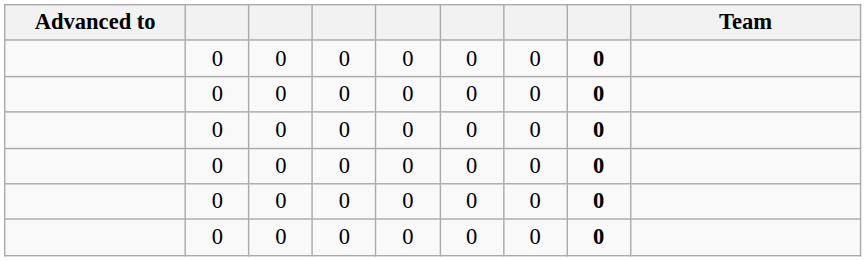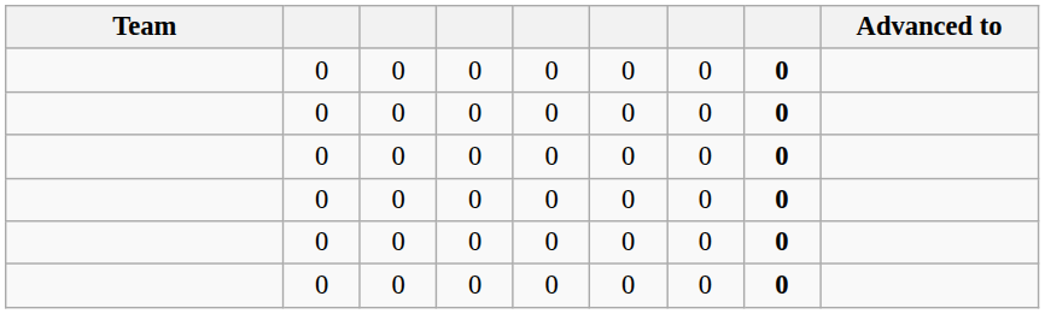 <table class="wikitable" style="text-align:center;">
 <tr>
-<th width=125>Advanced to</th>
+<th width=165>Team</th>
 <th width=40></th>
 <th width=40></th>
 <th width=40></th>
 <th width=40></th>
 <th width=40></th>
 <th width=40></th>
 <th width=40></th>
-<th width=165>Team</th>
+<th width=125>Advanced to</th>
 </tr>
 <tr style="background:#">
-<td></td>
+<td style="text-align:left;"></td>
 <td>0</td>
 <td>0</td>
 <td>0</td>
 <td>0</td>
 <td>0</td>
 <td>0</td>
 <td><strong>0</strong></td>
-<td style="text-align:left;"></td>
+<td></td>
 </tr>
 <tr style="background:#">
-<td></td>
+<td style="text-align:left;"></td>
 <td>0</td>
 <td>0</td>
 <td>0</td>
 <td>0</td>
 <td>0</td>
 <td>0</td>
 <td><strong>0</strong></td>
-<td style="text-align:left;"></td>
+<td></td>
 </tr>
 <tr style="background:#">
-<td></td>
+<td style="text-align:left;"></td>
 <td>0</td>
 <td>0</td>
 <td>0</td>
 <td>0</td>
 <td>0</td>
 <td>0</td>
 <td><strong>0</strong></td>
-<td style="text-align:left;"></td>
+<td></td>
 </tr>
 <tr style="background:#">
-<td></td>
+<td style="text-align:left;"></td>
 <td>0</td>
 <td>0</td>
 <td>0</td>
 <td>0</td>
 <td>0</td>
 <td>0</td>
 <td><strong>0</strong></td>
-<td style="text-align:left;"></td>
+<td></td>
 </tr>
 <tr style="background:#">
-<td></td>
+<td style="text-align:left;"></td>
 <td>0</td>
 <td>0</td>
 <td>0</td>
 <td>0</td>
 <td>0</td>
 <td>0</td>
 <td><strong>0</strong></td>
-<td style="text-align:left;"></td>
+<td></td>
 </tr>
 <tr style="background:#">
-<td></td>
+<td style="text-align:left;"></td>
 <td>0</td>
 <td>0</td>
 <td>0</td>
 <td>0</td>
 <td>0</td>
 <td>0</td>
 <td><strong>0</strong></td>
-<td style="text-align:left;"></td>
+<td></td>
 </tr>
 </table>
